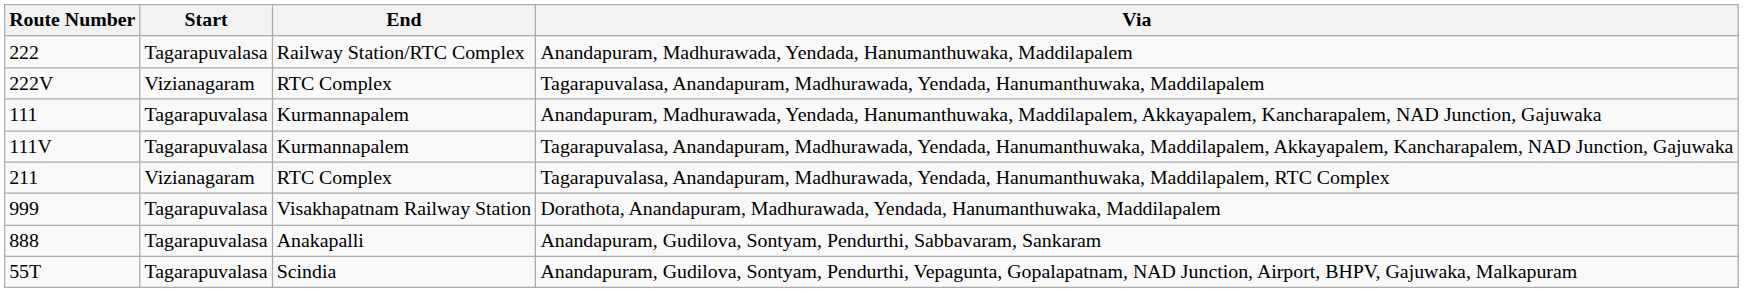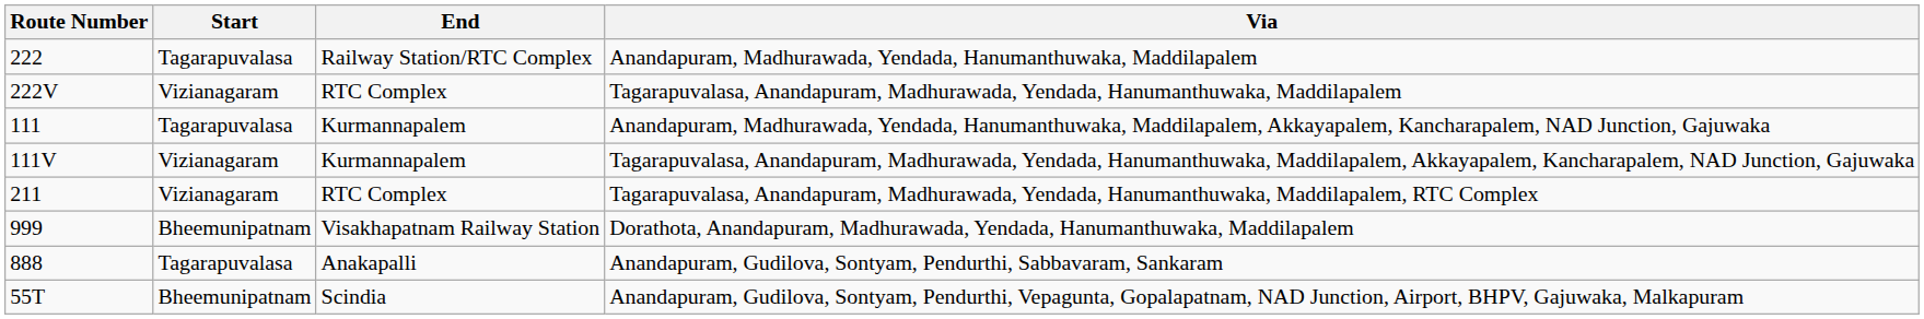 <table class="sortable wikitable">
 <tr>
 <th>Route Number</th>
 <th>Start</th>
 <th>End</th>
 <th>Via</th>
 </tr>
 <tr>
 <td>222</td>
 <td>Tagarapuvalasa</td>
 <td>Railway Station/RTC Complex</td>
 <td>Anandapuram, Madhurawada, Yendada, Hanumanthuwaka, Maddilapalem</td>
 </tr>
 <tr>
 <td>222V</td>
 <td>Vizianagaram</td>
 <td>RTC Complex</td>
 <td>Tagarapuvalasa, Anandapuram, Madhurawada, Yendada, Hanumanthuwaka, Maddilapalem</td>
 </tr>
 <tr>
 <td>111</td>
 <td>Tagarapuvalasa</td>
 <td>Kurmannapalem</td>
 <td>Anandapuram, Madhurawada, Yendada, Hanumanthuwaka, Maddilapalem, Akkayapalem, Kancharapalem, NAD Junction, Gajuwaka</td>
 </tr>
 <tr>
 <td>111V</td>
-<td>Tagarapuvalasa</td>
+<td>Vizianagaram</td>
 <td>Kurmannapalem</td>
 <td>Tagarapuvalasa, Anandapuram, Madhurawada, Yendada, Hanumanthuwaka, Maddilapalem, Akkayapalem, Kancharapalem, NAD Junction, Gajuwaka</td>
 </tr>
 <tr>
 <td>211</td>
 <td>Vizianagaram</td>
 <td>RTC Complex</td>
 <td>Tagarapuvalasa, Anandapuram, Madhurawada, Yendada, Hanumanthuwaka, Maddilapalem, RTC Complex</td>
 </tr>
 <tr>
 <td>999</td>
-<td>Tagarapuvalasa</td>
+<td>Bheemunipatnam</td>
 <td>Visakhapatnam Railway Station</td>
 <td>Dorathota, Anandapuram, Madhurawada, Yendada, Hanumanthuwaka, Maddilapalem</td>
 </tr>
 <tr>
 <td>888</td>
 <td>Tagarapuvalasa</td>
 <td>Anakapalli</td>
 <td>Anandapuram, Gudilova, Sontyam, Pendurthi, Sabbavaram, Sankaram</td>
 </tr>
 <tr>
 <td>55T</td>
-<td>Tagarapuvalasa</td>
+<td>Bheemunipatnam</td>
 <td>Scindia</td>
 <td>Anandapuram, Gudilova, Sontyam, Pendurthi, Vepagunta, Gopalapatnam, NAD Junction, Airport, BHPV, Gajuwaka, Malkapuram</td>
 </tr>
 </table>
